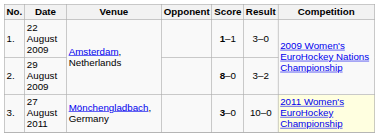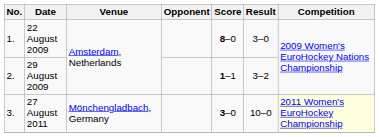 <table class="wikitable">
 <tr>
 <th>No.</th>
 <th>Date</th>
 <th>Venue</th>
 <th>Opponent</th>
 <th>Score</th>
 <th>Result</th>
 <th>Competition</th>
 </tr>
 <tr>
 <td>1.</td>
 <td>22 August 2009</td>
 <td rowspan=2><a href='#'>Amsterdam</a>, Netherlands</td>
 <td></td>
-<td align=center><strong>1</strong>–1</td>
+<td align=center><strong>8</strong>–0</td>
 <td align=center>3–0</td>
 <td rowspan=2><a href='#'>2009 Women's EuroHockey Nations Championship</a></td>
 </tr>
 <tr>
 <td>2.</td>
 <td>29 August 2009</td>
 <td></td>
-<td align=center><strong>8</strong>–0</td>
+<td align=center><strong>1</strong>–1</td>
 <td align=center>3–2</td>
 </tr>
 <tr>
 <td>3.</td>
 <td>27 August 2011</td>
 <td><a href='#'>Mönchengladbach</a>, Germany</td>
 <td></td>
 <td align=center><strong>3</strong>–0</td>
 <td align=center>10–0</td>
 <td style="background: lightyellow;"><a href='#'>2011 Women's EuroHockey Championship</a></td>
 </tr>
 <tr>
 </tr>
 </table>
